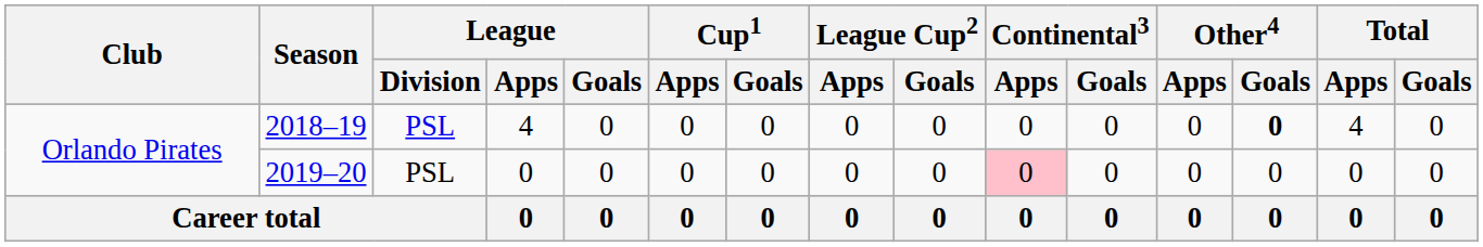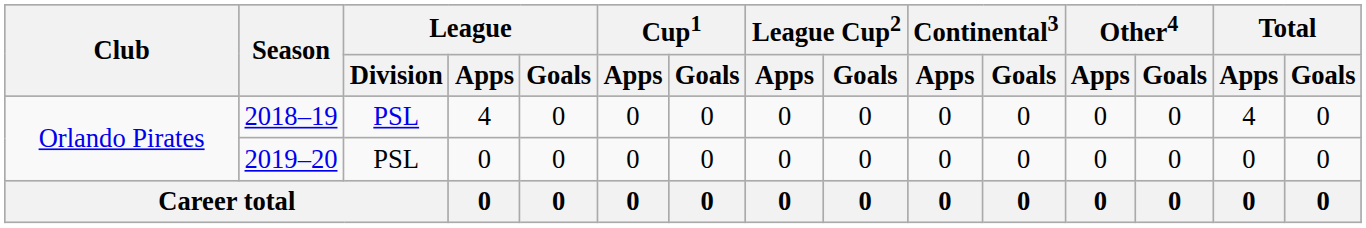 <table class="wikitable" style="text-align: center;">
 <tr>
 <th rowspan=2 style="width: 100pt;">Club</th>
 <th rowspan=2>Season</th>
 <th colspan=3>League</th>
 <th colspan="2">Cup<sup>1</sup></th>
 <th colspan="2">League Cup<sup>2</sup></th>
 <th colspan="2">Continental<sup>3</sup></th>
 <th colspan=2>Other<sup>4</sup></th>
 <th colspan=2>Total</th>
 </tr>
 <tr>
 <th>Division</th>
 <th>Apps</th>
 <th>Goals</th>
 <th>Apps</th>
 <th>Goals</th>
 <th>Apps</th>
 <th>Goals</th>
 <th>Apps</th>
 <th>Goals</th>
 <th>Apps</th>
 <th>Goals</th>
 <th>Apps</th>
 <th>Goals</th>
 </tr>
 <tr>
 <td rowspan="2"><a href='#'>Orlando Pirates</a></td>
 <td><a href='#'>2018–19</a></td>
 <td rowspan="1"><a href='#'>PSL</a></td>
 <td>4</td>
 <td>0</td>
 <td>0</td>
 <td>0</td>
 <td>0</td>
 <td>0</td>
 <td>0</td>
 <td>0</td>
 <td>0</td>
-<td><strong>0</strong></td>
+<td>0</td>
 <td>4</td>
 <td>0</td>
 </tr>
 <tr>
 <td><a href='#'>2019–20</a></td>
 <td rowspan="1">PSL</td>
 <td>0</td>
 <td>0</td>
 <td>0</td>
 <td>0</td>
 <td>0</td>
 <td>0</td>
-<td style="background: pink;">0</td>
+<td>0</td>
 <td>0</td>
 <td>0</td>
 <td>0</td>
 <td>0</td>
 <td>0</td>
 </tr>
 <tr>
 <th colspan="3">Career total</th>
 <th>0</th>
 <th>0</th>
 <th>0</th>
 <th>0</th>
 <th>0</th>
 <th>0</th>
 <th>0</th>
 <th>0</th>
 <th>0</th>
 <th>0</th>
 <th>0</th>
 <th>0</th>
 </tr>
 </table>
